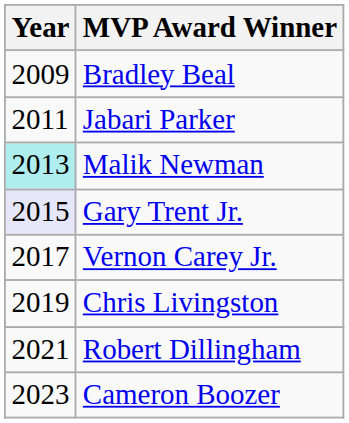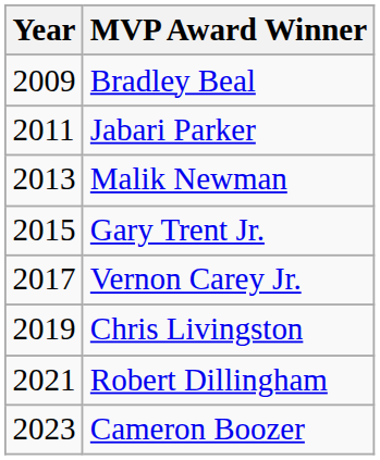 <table class=wikitable>
 <tr>
 <th>Year</th>
 <th>MVP Award Winner</th>
 </tr>
 <tr>
 <td>2009</td>
 <td> <a href='#'>Bradley Beal</a></td>
 </tr>
 <tr>
 <td>2011</td>
 <td> <a href='#'>Jabari Parker</a></td>
 </tr>
 <tr>
-<td style="background: paleturquoise;">2013</td>
+<td>2013</td>
 <td> <a href='#'>Malik Newman</a></td>
 </tr>
 <tr>
-<td style="background: lavender;">2015</td>
+<td>2015</td>
 <td> <a href='#'>Gary Trent Jr.</a></td>
 </tr>
 <tr>
 <td>2017</td>
 <td> <a href='#'>Vernon Carey Jr.</a></td>
 </tr>
 <tr>
 <td>2019</td>
 <td> <a href='#'>Chris Livingston</a></td>
 </tr>
 <tr>
 <td>2021</td>
 <td> <a href='#'>Robert Dillingham</a></td>
 </tr>
 <tr>
 <td>2023</td>
 <td> <a href='#'>Cameron Boozer</a></td>
 </tr>
 </table>
